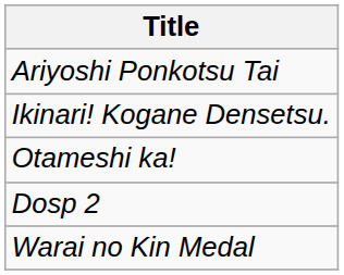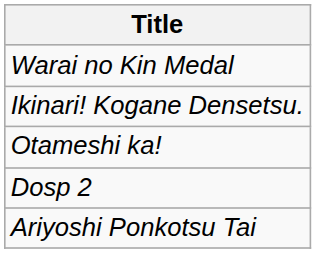 <table class="wikitable">
 <tr>
 <th>Title</th>
 </tr>
 <tr>
-<td><em>Ariyoshi Ponkotsu Tai</em></td>
+<td><em>Warai no Kin Medal</em></td>
 </tr>
 <tr>
 <td><em>Ikinari! Kogane Densetsu.</em></td>
 </tr>
 <tr>
 <td><em>Otameshi ka!</em></td>
 </tr>
 <tr>
 <td><em>Dosp 2</em></td>
 </tr>
 <tr>
-<td><em>Warai no Kin Medal</em></td>
+<td><em>Ariyoshi Ponkotsu Tai</em></td>
 </tr>
 </table>
